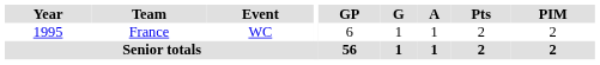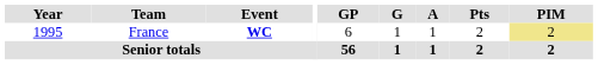 <table border="0" cellpadding="1" cellspacing="0" ID="Table3" style="text-align:center; width:40em">
 <tr bgcolor="#e0e0e0">
 <th>Year</th>
 <th>Team</th>
 <th>Event</th>
 <th rowspan="102" bgcolor="#ffffff"></th>
 <th>GP</th>
 <th>G</th>
 <th>A</th>
 <th>Pts</th>
 <th>PIM</th>
 </tr>
 <tr>
 <td><a href='#'>1995</a></td>
 <td><a href='#'>France</a></td>
-<td><a href='#'>WC</a></td>
+<td><strong><a href='#'>WC</a></strong></td>
 <td>6</td>
 <td>1</td>
 <td>1</td>
 <td>2</td>
-<td>2</td>
+<td style="background: khaki;">2</td>
 </tr>
 <tr bgcolor="#e0e0e0">
 <th colspan="4">Senior totals</th>
 <th>56</th>
 <th>1</th>
 <th>1</th>
 <th>2</th>
 <th>2</th>
 </tr>
 </table>
